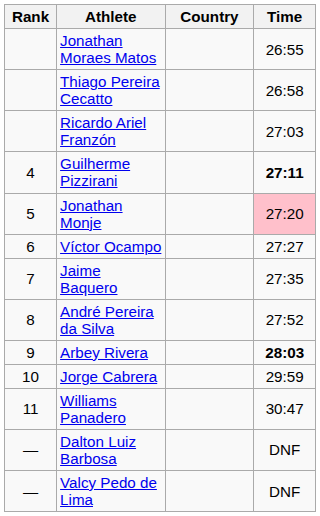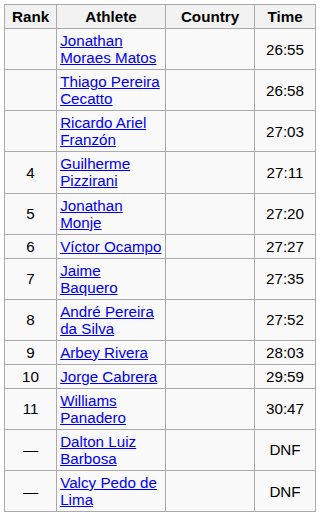 <table class="wikitable sortable" style=" text-align:center; font-size:95%;" width="50%">
 <tr>
 </tr>
 <tr>
 <th width=5%>Rank</th>
 <th width=20%>Athlete</th>
 <th width=15%>Country</th>
 <th width=10%>Time</th>
 </tr>
 <tr>
 <td align=center></td>
 <td align=left><a href='#'>Jonathan Moraes Matos</a></td>
 <td align=left></td>
 <td>26:55</td>
 </tr>
 <tr>
 <td align=center></td>
 <td align=left><a href='#'>Thiago Pereira Cecatto</a></td>
 <td align=left></td>
 <td>26:58</td>
 </tr>
 <tr>
 <td align=center></td>
 <td align=left><a href='#'>Ricardo Ariel Franzón</a></td>
 <td align=left></td>
 <td>27:03</td>
 </tr>
 <tr>
 <td align=center>4</td>
 <td align=left><a href='#'>Guilherme Pizzirani</a></td>
 <td align=left></td>
-<td><strong>27:11</strong></td>
+<td>27:11</td>
 </tr>
 <tr>
 <td align=center>5</td>
 <td align=left><a href='#'>Jonathan Monje</a></td>
 <td align=left></td>
-<td style="background: pink;">27:20</td>
+<td>27:20</td>
 </tr>
 <tr>
 <td align=center>6</td>
 <td align=left><a href='#'>Víctor Ocampo</a></td>
 <td align=left></td>
 <td>27:27</td>
 </tr>
 <tr>
 <td align=center>7</td>
 <td align=left><a href='#'>Jaime Baquero</a></td>
 <td align=left></td>
 <td>27:35</td>
 </tr>
 <tr>
 <td align=center>8</td>
 <td align=left><a href='#'>André Pereira da Silva</a></td>
 <td align=left></td>
 <td>27:52</td>
 </tr>
 <tr>
 <td align=center>9</td>
 <td align=left><a href='#'>Arbey Rivera</a></td>
 <td align=left></td>
-<td><strong>28:03</strong></td>
+<td>28:03</td>
 </tr>
 <tr>
 <td align=center>10</td>
 <td align=left><a href='#'>Jorge Cabrera</a></td>
 <td align=left></td>
 <td>29:59</td>
 </tr>
 <tr>
 <td align=center>11</td>
 <td align=left><a href='#'>Williams Panadero</a></td>
 <td align=left></td>
 <td>30:47</td>
 </tr>
 <tr>
 <td align=center>—</td>
 <td align=left><a href='#'>Dalton Luiz Barbosa</a></td>
 <td align=left></td>
 <td>DNF</td>
 </tr>
 <tr>
 <td align=center>—</td>
 <td align=left><a href='#'>Valcy Pedo de Lima</a></td>
 <td align=left></td>
 <td>DNF</td>
 </tr>
 </table>
